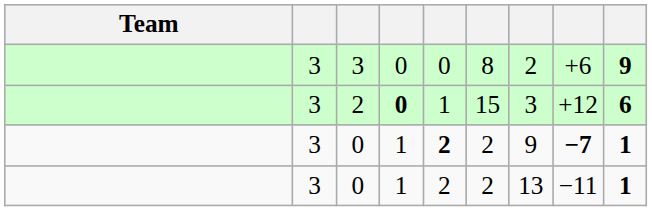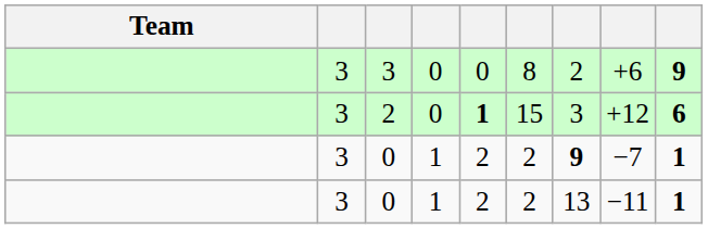 <table class="wikitable" style="text-align: center;">
 <tr>
 <th width="175">Team</th>
 <th width="20"></th>
 <th width="20"></th>
 <th width="20"></th>
 <th width="20"></th>
 <th width="20"></th>
 <th width="20"></th>
 <th width="20"></th>
 <th width="20"></th>
 </tr>
 <tr bgcolor=ccffcc>
 <td align=left></td>
 <td>3</td>
 <td>3</td>
 <td>0</td>
 <td>0</td>
 <td>8</td>
 <td>2</td>
 <td>+6</td>
 <td><strong>9</strong></td>
 </tr>
 <tr bgcolor=ccffcc>
 <td align=left><em></em></td>
 <td>3</td>
 <td>2</td>
-<td><strong>0</strong></td>
-<td>1</td>
+<td>0</td>
+<td><strong>1</strong></td>
 <td>15</td>
 <td>3</td>
 <td>+12</td>
 <td><strong>6</strong></td>
 </tr>
 <tr bgcolor=>
 <td align=left></td>
 <td>3</td>
 <td>0</td>
 <td>1</td>
-<td><strong>2</strong></td>
 <td>2</td>
-<td>9</td>
-<td><strong>−7</strong></td>
+<td>2</td>
+<td><strong>9</strong></td>
+<td>−7</td>
 <td><strong>1</strong></td>
 </tr>
 <tr bgcolor=>
 <td align=left></td>
 <td>3</td>
 <td>0</td>
 <td>1</td>
 <td>2</td>
 <td>2</td>
 <td>13</td>
 <td>−11</td>
 <td><strong>1</strong></td>
 </tr>
 </table>
